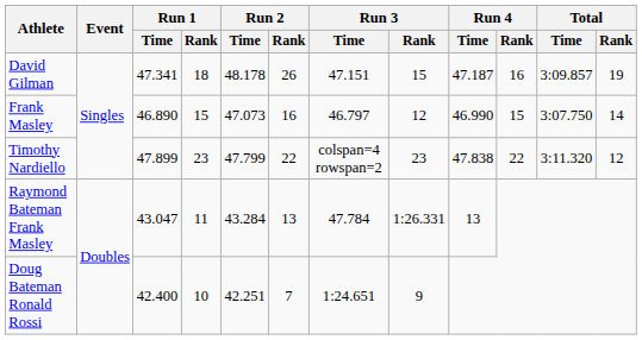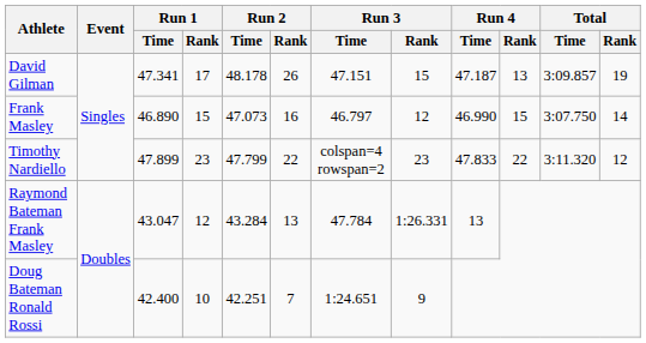 <table class=wikitable style=font-size:90%;text-align:center>
 <tr>
 <th rowspan=2>Athlete</th>
 <th rowspan=2>Event</th>
 <th colspan=2>Run 1</th>
 <th colspan=2>Run 2</th>
 <th colspan=2>Run 3</th>
 <th colspan=2>Run 4</th>
 <th colspan=2>Total</th>
 </tr>
 <tr style=font-size:95%>
 <th>Time</th>
 <th>Rank</th>
 <th>Time</th>
 <th>Rank</th>
 <th>Time</th>
 <th>Rank</th>
 <th>Time</th>
 <th>Rank</th>
 <th>Time</th>
 <th>Rank</th>
 </tr>
 <tr>
 <td align=left><a href='#'>David Gilman</a></td>
 <td align=left rowspan=3><a href='#'>Singles</a></td>
 <td>47.341</td>
-<td>18</td>
+<td>17</td>
 <td>48.178</td>
 <td>26</td>
 <td>47.151</td>
 <td>15</td>
 <td>47.187</td>
-<td>16</td>
+<td>13</td>
 <td>3:09.857</td>
 <td>19</td>
 </tr>
 <tr>
 <td align=left><a href='#'>Frank Masley</a></td>
 <td>46.890</td>
 <td>15</td>
 <td>47.073</td>
 <td>16</td>
 <td>46.797</td>
 <td>12</td>
 <td>46.990</td>
 <td>15</td>
 <td>3:07.750</td>
 <td>14</td>
 </tr>
 <tr>
 <td align=left><a href='#'>Timothy Nardiello</a></td>
 <td>47.899</td>
 <td>23</td>
 <td>47.799</td>
 <td>22</td>
 <td>colspan=4 rowspan=2 </td>
 <td>23</td>
-<td>47.838</td>
+<td>47.833</td>
 <td>22</td>
 <td>3:11.320</td>
 <td>12</td>
 </tr>
 <tr>
 <td align=left><a href='#'>Raymond Bateman</a><br><a href='#'>Frank Masley</a></td>
 <td align=left rowspan=2><a href='#'>Doubles</a></td>
 <td>43.047</td>
-<td>11</td>
+<td>12</td>
 <td>43.284</td>
 <td>13</td>
 <td>47.784</td>
 <td>1:26.331</td>
 <td>13</td>
 </tr>
 <tr>
 <td align=left><a href='#'>Doug Bateman</a><br><a href='#'>Ronald Rossi</a></td>
 <td>42.400</td>
 <td>10</td>
 <td>42.251</td>
 <td>7</td>
 <td>1:24.651</td>
 <td>9</td>
 </tr>
 </table>
